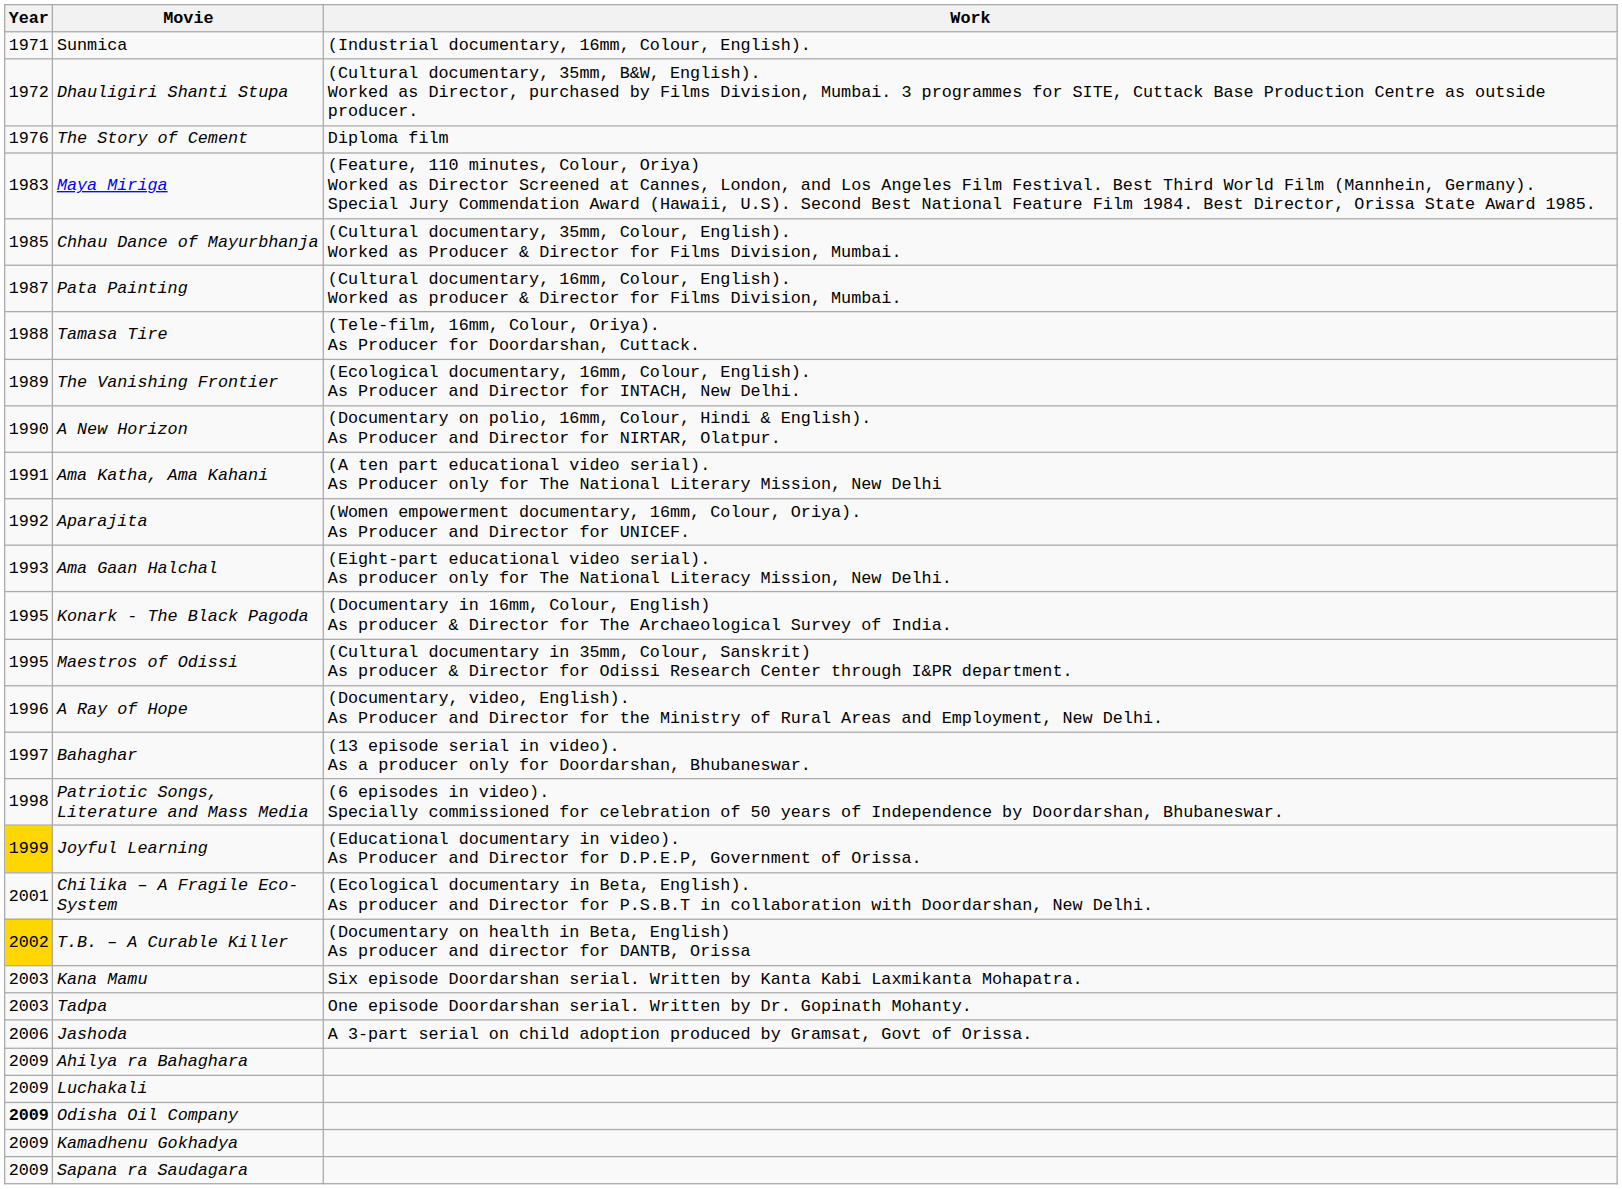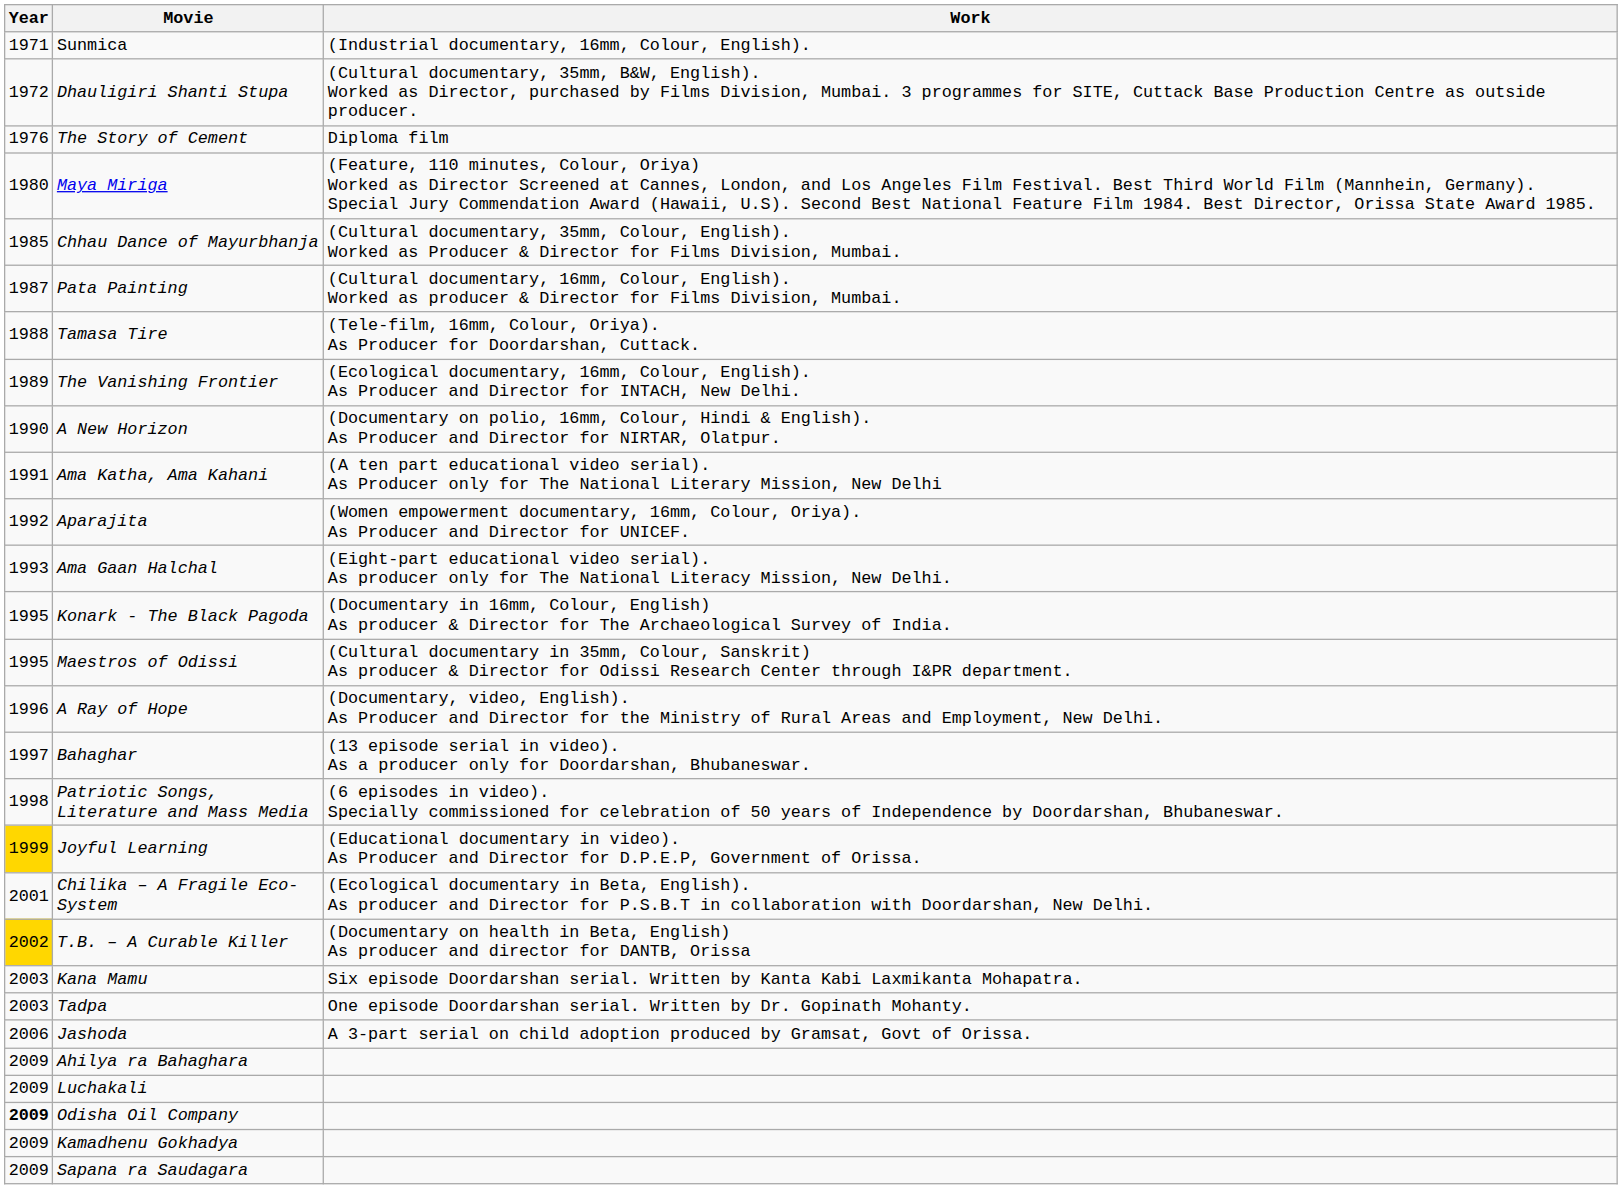 <table class="wikitable">
 <tr>
 <th>Year</th>
 <th>Movie</th>
 <th>Work</th>
 </tr>
 <tr>
 <td>1971</td>
 <td>Sunmica</td>
 <td>(Industrial documentary, 16mm, Colour, English).</td>
 </tr>
 <tr>
 <td>1972</td>
 <td><em>Dhauligiri Shanti Stupa</em></td>
 <td>(Cultural documentary, 35mm, B&W, English).<br>Worked as Director, purchased by Films Division, Mumbai. 3 programmes for SITE, Cuttack Base Production Centre as outside producer.</td>
 </tr>
 <tr>
 <td>1976</td>
 <td><em>The Story of Cement</em></td>
 <td>Diploma film</td>
 </tr>
 <tr>
-<td>1983</td>
+<td>1980</td>
 <td><em><a href='#'>Maya Miriga</a></em></td>
 <td>(Feature, 110 minutes, Colour, Oriya)<br>Worked as Director Screened at Cannes, London, and Los Angeles Film Festival. Best Third World Film (Mannhein, Germany). Special Jury Commendation Award (Hawaii, U.S). Second Best National Feature Film 1984. Best Director, Orissa State Award 1985.</td>
 </tr>
 <tr>
 <td>1985</td>
 <td><em>Chhau Dance of Mayurbhanja</em></td>
 <td>(Cultural documentary, 35mm, Colour, English).<br>Worked as Producer & Director for Films Division, Mumbai.</td>
 </tr>
 <tr>
 <td>1987</td>
 <td><em>Pata Painting</em></td>
 <td>(Cultural documentary, 16mm, Colour, English).<br>Worked as producer & Director for Films Division, Mumbai.</td>
 </tr>
 <tr>
 <td>1988</td>
 <td><em>Tamasa Tire</em></td>
 <td>(Tele-film, 16mm, Colour, Oriya).<br>As Producer for Doordarshan, Cuttack.</td>
 </tr>
 <tr>
 <td>1989</td>
 <td><em>The Vanishing Frontier</em></td>
 <td>(Ecological documentary, 16mm, Colour, English).<br>As Producer and Director for INTACH, New Delhi.</td>
 </tr>
 <tr>
 <td>1990</td>
 <td><em>A New Horizon</em></td>
 <td>(Documentary on polio, 16mm, Colour, Hindi & English).<br>As Producer and Director for NIRTAR, Olatpur.</td>
 </tr>
 <tr>
 <td>1991</td>
 <td><em>Ama Katha, Ama Kahani</em></td>
 <td>(A ten part educational video serial).<br>As Producer only for The National Literary Mission, New Delhi</td>
 </tr>
 <tr>
 <td>1992</td>
 <td><em>Aparajita</em></td>
 <td>(Women empowerment documentary, 16mm, Colour, Oriya).<br>As Producer and Director for UNICEF.</td>
 </tr>
 <tr>
 <td>1993</td>
 <td><em>Ama Gaan Halchal</em></td>
 <td>(Eight-part educational video serial).<br>As producer only for The National Literacy Mission, New Delhi.</td>
 </tr>
 <tr>
 <td>1995</td>
 <td><em>Konark - The Black Pagoda</em></td>
 <td>(Documentary in 16mm, Colour, English)<br>As producer & Director for The Archaeological Survey of India.</td>
 </tr>
 <tr>
 <td>1995</td>
 <td><em>Maestros of Odissi</em></td>
 <td>(Cultural documentary in 35mm, Colour, Sanskrit)<br>As producer & Director for Odissi Research Center through I&PR department.</td>
 </tr>
 <tr>
 <td>1996</td>
 <td><em>A Ray of Hope</em></td>
 <td>(Documentary, video, English).<br>As Producer and Director for the Ministry of Rural Areas and Employment, New Delhi.</td>
 </tr>
 <tr>
 <td>1997</td>
 <td><em>Bahaghar</em></td>
 <td>(13 episode serial in video).<br>As a producer only for Doordarshan, Bhubaneswar.</td>
 </tr>
 <tr>
 <td>1998</td>
 <td><em>Patriotic Songs, Literature and Mass Media</em></td>
 <td>(6 episodes in video).<br>Specially commissioned for celebration of 50 years of Independence by Doordarshan, Bhubaneswar.</td>
 </tr>
 <tr>
 <td style="background: gold;">1999</td>
 <td><em>Joyful Learning</em></td>
 <td>(Educational documentary in video).<br>As Producer and Director for D.P.E.P, Government of Orissa.</td>
 </tr>
 <tr>
 <td>2001</td>
 <td><em>Chilika – A Fragile Eco-System</em></td>
 <td>(Ecological documentary in Beta, English).<br>As producer and Director for P.S.B.T in collaboration with Doordarshan, New Delhi.</td>
 </tr>
 <tr>
 <td style="background: gold;">2002</td>
 <td><em>T.B. – A Curable Killer</em></td>
 <td>(Documentary on health in Beta, English)<br>As producer and director for DANTB, Orissa</td>
 </tr>
 <tr>
 <td>2003</td>
 <td><em>Kana Mamu</em></td>
 <td>Six episode Doordarshan serial. Written by Kanta Kabi Laxmikanta Mohapatra.</td>
 </tr>
 <tr>
 <td>2003</td>
 <td><em>Tadpa</em></td>
 <td>One episode Doordarshan serial. Written by Dr. Gopinath Mohanty.</td>
 </tr>
 <tr>
 <td>2006</td>
 <td><em>Jashoda</em></td>
 <td>A 3-part serial on child adoption produced by Gramsat, Govt of Orissa.</td>
 </tr>
 <tr>
 <td>2009</td>
 <td><em>Ahilya ra Bahaghara</em></td>
 <td></td>
 </tr>
 <tr>
 <td>2009</td>
 <td><em>Luchakali</em></td>
 <td></td>
 </tr>
 <tr>
 <td><strong>2009</strong></td>
 <td><em>Odisha Oil Company</em></td>
 <td></td>
 </tr>
 <tr>
 <td>2009</td>
 <td><em>Kamadhenu Gokhadya</em></td>
 <td></td>
 </tr>
 <tr>
 <td>2009</td>
 <td><em>Sapana ra Saudagara</em></td>
 <td></td>
 </tr>
 </table>
